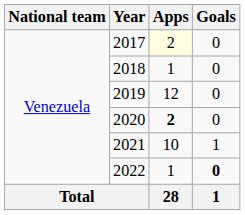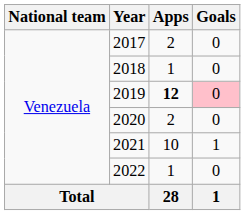 <table class="wikitable" style="text-align:center">
 <tr>
 <th>National team</th>
 <th>Year</th>
 <th>Apps</th>
 <th>Goals</th>
 </tr>
 <tr>
 <td rowspan="6"><a href='#'>Venezuela</a></td>
 <td>2017</td>
-<td style="background: lightyellow;">2</td>
+<td>2</td>
 <td>0</td>
 </tr>
 <tr>
 <td>2018</td>
 <td>1</td>
 <td>0</td>
 </tr>
 <tr>
 <td>2019</td>
-<td>12</td>
-<td>0</td>
+<td><strong>12</strong></td>
+<td style="background: pink;">0</td>
 </tr>
 <tr>
 <td>2020</td>
-<td><strong>2</strong></td>
+<td>2</td>
 <td>0</td>
 </tr>
 <tr>
 <td>2021</td>
 <td>10</td>
 <td>1</td>
 </tr>
 <tr>
 <td>2022</td>
 <td>1</td>
-<td><strong>0</strong></td>
+<td>0</td>
 </tr>
 <tr>
 <th colspan="2">Total</th>
 <th>28</th>
 <th>1</th>
 </tr>
 </table>
